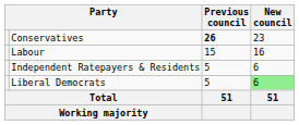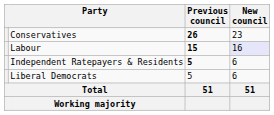 <table class="wikitable">
 <tr>
 <th valign=top colspan="2" style="width: 230px">Party</th>
 <th valign=top style="width: 30px">Previous council</th>
 <th valign=top style="width: 30px">New council</th>
 </tr>
 <tr>
 <th style="background-color: "></th>
 <td>Conservatives</td>
 <td><strong>26</strong></td>
 <td>23</td>
 </tr>
 <tr>
 <th style="background-color: "></th>
 <td>Labour</td>
-<td>15</td>
-<td>16</td>
+<td><strong>15</strong></td>
+<td style="background: lavender;">16</td>
 </tr>
 <tr>
 <th style="background-color: "></th>
 <td>Independent Ratepayers & Residents</td>
-<td>5</td>
+<td><strong>5</strong></td>
 <td>6</td>
 </tr>
 <tr>
 <th style="background-color: "></th>
 <td>Liberal Democrats</td>
 <td>5</td>
-<td style="background: lightgreen;">6</td>
+<td>6</td>
 </tr>
 <tr>
 <th colspan=2>Total</th>
 <th style="text-align: center">51</th>
 <th colspan=3>51</th>
 </tr>
 <tr>
 <th colspan=2>Working majority</th>
 <th></th>
 <th></th>
 </tr>
 </table>
